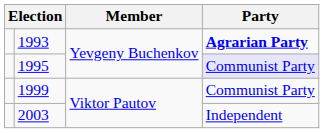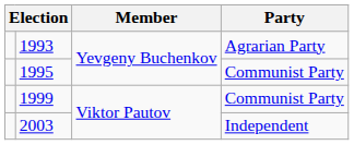 <table class="wikitable">
 <tr>
 <th colspan="2">Election</th>
 <th>Member</th>
 <th>Party</th>
 </tr>
 <tr>
 <td style="background-color:"></td>
 <td><a href='#'>1993</a></td>
 <td rowspan=2><a href='#'>Yevgeny Buchenkov</a></td>
-<td><strong><a href='#'>Agrarian Party</a></strong></td>
+<td><a href='#'>Agrarian Party</a></td>
 </tr>
 <tr>
 <td style="background-color:"></td>
 <td><a href='#'>1995</a></td>
-<td style="background: lavender;"><a href='#'>Communist Party</a></td>
+<td><a href='#'>Communist Party</a></td>
 </tr>
 <tr>
 <td style="background-color:"></td>
 <td><a href='#'>1999</a></td>
 <td rowspan=2><a href='#'>Viktor Pautov</a></td>
 <td><a href='#'>Communist Party</a></td>
 </tr>
 <tr>
 <td style="background-color:"></td>
 <td><a href='#'>2003</a></td>
 <td><a href='#'>Independent</a></td>
 </tr>
 </table>
